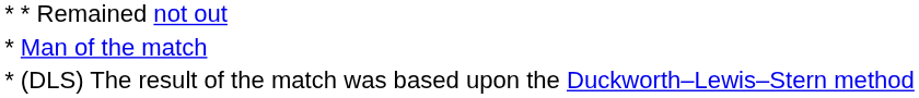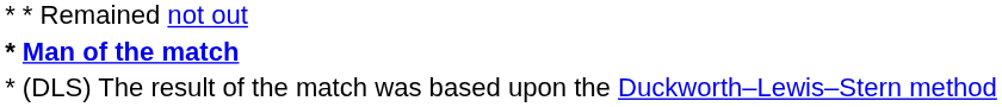 <table>
 <tr>
 <td>* *  Remained <a href='#'>not out</a></td>
 </tr>
 <tr>
-<td>*   <a href='#'>Man of the match</a></td>
+<td><strong>*   <a href='#'>Man of the match</a></strong></td>
 </tr>
 <tr>
 <td>* (DLS)  The result of the match was based upon the <a href='#'>Duckworth–Lewis–Stern method</a></td>
 </tr>
 </table>
